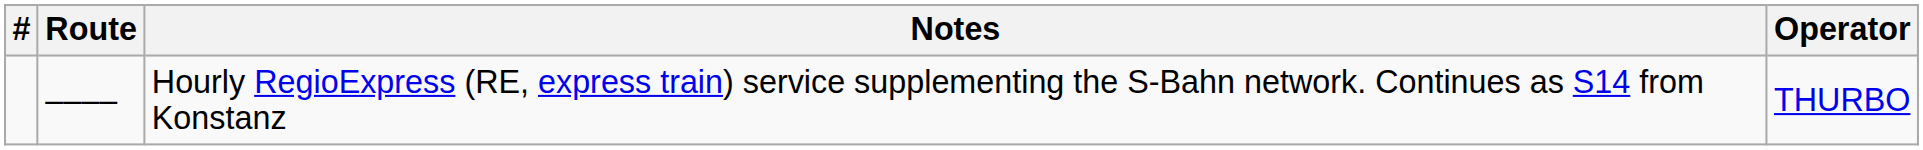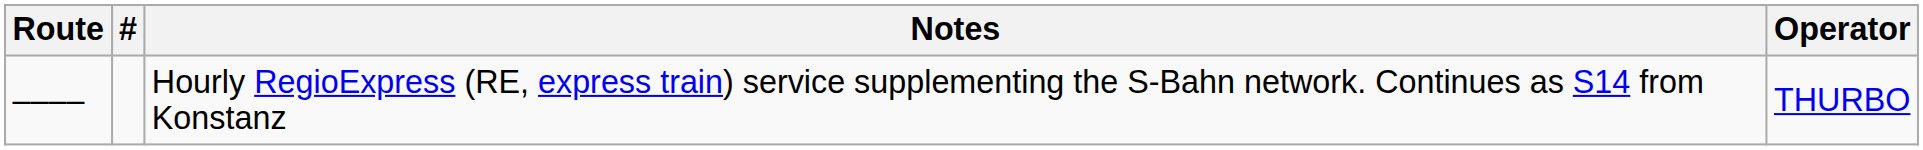 <table class="wikitable" width="75%">
 <tr>
+<th>Route</th>
 <th>#</th>
-<th>Route</th>
 <th>Notes</th>
 <th>Operator</th>
 </tr>
 <tr>
+<td>––––</td>
 <td></td>
-<td>––––</td>
 <td>Hourly <a href='#'>RegioExpress</a> (RE, <a href='#'>express train</a>) service supplementing the S-Bahn network. Continues as <a href='#'>S14</a> from Konstanz</td>
 <td><a href='#'>THURBO</a></td>
 </tr>
 </table>
